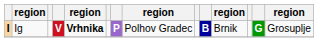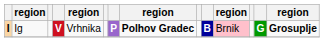 <table class="wikitable">
 <tr>
 <th></th>
 <th>region</th>
 <th></th>
 <th></th>
 <th>region</th>
 <th></th>
 <th></th>
 <th>region</th>
 <th></th>
 <th></th>
 <th>region</th>
 <th></th>
 <th></th>
 <th>region</th>
 </tr>
 <tr>
 <td style="text-align:center; background:#FAD6A5; color:black"><strong>I</strong></td>
 <td>Ig</td>
 <td></td>
 <td style="text-align:center; background:#CF1020; color:white"><strong>V</strong></td>
-<td><strong>Vrhnika</strong></td>
+<td>Vrhnika</td>
 <td></td>
 <td style="text-align:center; background:#9966CC; color:white"><strong>P</strong></td>
-<td>Polhov Gradec</td>
+<td><strong>Polhov Gradec</strong></td>
 <td></td>
 <td style="text-align:center; background:#00009C; color:white"><strong>B</strong></td>
-<td>Brnik</td>
+<td style="background: pink;">Brnik</td>
 <td></td>
 <td style="text-align:center; background:#009900; color:white"><strong>G</strong></td>
-<td>Grosuplje</td>
+<td><strong>Grosuplje</strong></td>
 </tr>
 <tr>
 </tr>
 </table>
